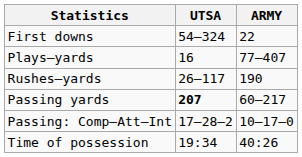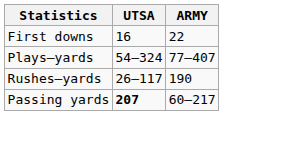 <table class="wikitable" style="float: left;">
 <tr>
 <th>Statistics</th>
 <th>UTSA</th>
 <th>ARMY</th>
 </tr>
 <tr>
 <td>First downs</td>
-<td>54–324</td>
+<td>16</td>
 <td>22</td>
 </tr>
 <tr>
 <td>Plays–yards</td>
-<td>16</td>
+<td>54–324</td>
 <td>77–407</td>
 </tr>
 <tr>
 <td>Rushes–yards</td>
 <td>26–117</td>
 <td>190</td>
 </tr>
 <tr>
 <td>Passing yards</td>
 <td><strong>207</strong></td>
 <td>60–217</td>
 </tr>
 <tr>
-<td>Passing: Comp–Att–Int</td>
-<td>17–28–2</td>
-<td>10–17–0</td>
-</tr>
-<tr>
-<td>Time of possession</td>
-<td>19:34</td>
-<td>40:26</td>
-</tr>
-<tr>
 </tr>
 </table>
